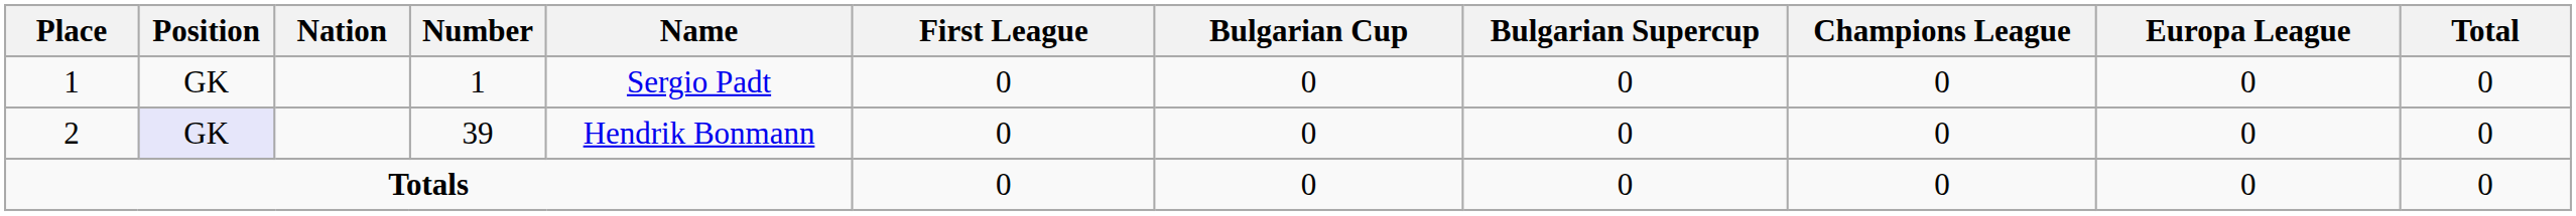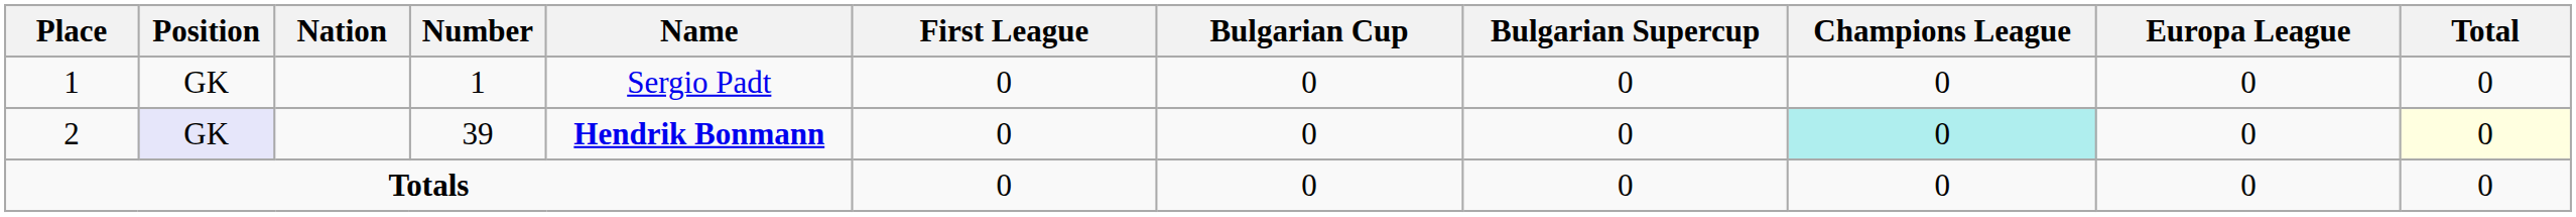 <table class="wikitable" style="font-size: 95%; text-align: center;">
 <tr>
 <th width=60>Place</th>
 <th width=60>Position</th>
 <th width=60>Nation</th>
 <th width=60>Number</th>
 <th width=150>Name</th>
 <th width=150>First League</th>
 <th width=150>Bulgarian Cup</th>
 <th width=160>Bulgarian Supercup</th>
 <th width=150>Champions League</th>
 <th width=150>Europa League</th>
 <th width=80>Total</th>
 </tr>
 <tr>
 <td>1</td>
 <td>GK</td>
 <td></td>
 <td>1</td>
 <td><a href='#'>Sergio Padt</a></td>
 <td>0</td>
 <td>0</td>
 <td>0</td>
 <td>0</td>
 <td>0</td>
 <td>0</td>
 </tr>
 <tr>
 <td>2</td>
 <td style="background: lavender;">GK</td>
 <td></td>
 <td>39</td>
-<td><a href='#'>Hendrik Bonmann</a></td>
+<td><strong><a href='#'>Hendrik Bonmann</a></strong></td>
 <td>0</td>
 <td>0</td>
 <td>0</td>
+<td style="background: paleturquoise;">0</td>
 <td>0</td>
-<td>0</td>
-<td>0</td>
+<td style="background: lightyellow;">0</td>
 </tr>
 <tr>
 <td colspan="5"><strong>Totals</strong></td>
 <td>0</td>
 <td>0</td>
 <td>0</td>
 <td>0</td>
 <td>0</td>
 <td>0</td>
 </tr>
 </table>
